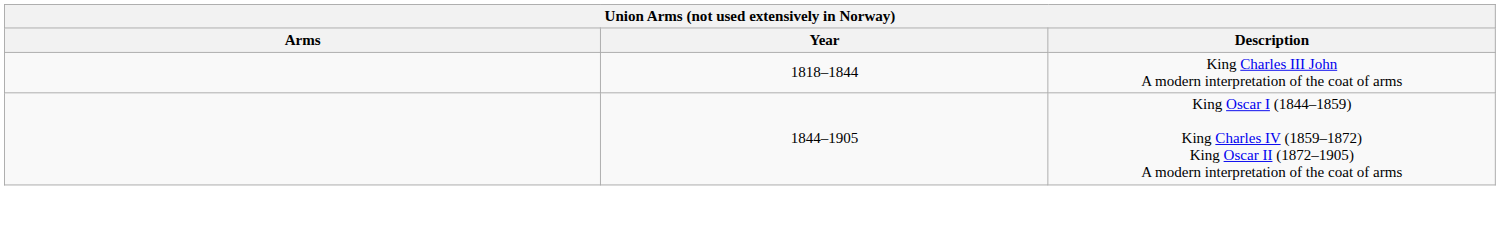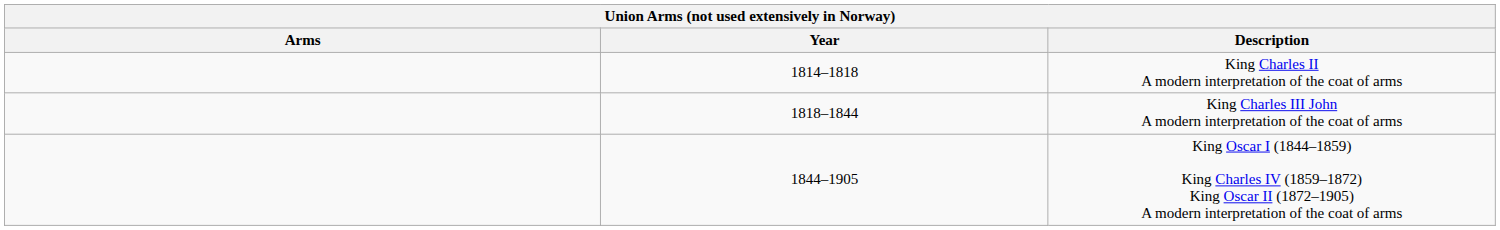 <table class="wikitable" style="width:80%;text-align:center;">
 <tr>
 <th colspan="3">Union Arms (not used extensively in Norway)</th>
 </tr>
 <tr>
 <th style="width:40%;">Arms</th>
 <th style="width:30%;">Year</th>
 <th style="width:30%;">Description</th>
+</tr>
+<tr>
+<td></td>
+<td>1814–1818</td>
+<td>King <a href='#'>Charles II</a><br>A modern interpretation of the coat of arms</td>
 </tr>
 <tr>
 <td></td>
 <td>1818–1844</td>
 <td>King <a href='#'>Charles III John</a><br>A modern interpretation of the coat of arms</td>
 </tr>
 <tr>
 <td></td>
 <td>1844–1905</td>
 <td>King <a href='#'>Oscar I</a> (1844–1859)<br><br>King <a href='#'>Charles IV</a> (1859–1872)<br> King <a href='#'>Oscar II</a> (1872–1905)<br> A modern interpretation of the coat of arms</td>
 </tr>
 </table>
